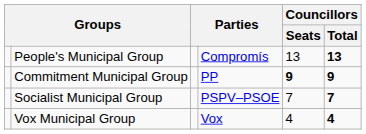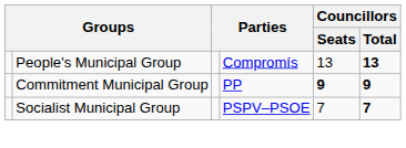 <table class="wikitable" style="text-align:left;">
 <tr>
 <th rowspan="2" colspan="2">Groups</th>
 <th rowspan="2" colspan="2">Parties</th>
 <th colspan="2">Councillors</th>
 </tr>
 <tr>
 <th>Seats</th>
 <th>Total</th>
 </tr>
 <tr>
 <td width="1" style="color:inherit;background:"></td>
 <td>People's Municipal Group</td>
 <td width="1" style="color:inherit;background:"></td>
 <td><a href='#'>Compromís</a></td>
 <td>13</td>
 <td><strong>13</strong></td>
 </tr>
 <tr>
 <td style="color:inherit;background:"></td>
 <td>Commitment Municipal Group</td>
 <td style="color:inherit;background:"></td>
 <td><a href='#'>PP</a></td>
 <td><strong>9</strong></td>
 <td><strong>9</strong></td>
 </tr>
 <tr>
 <td style="color:inherit;background:"></td>
 <td>Socialist Municipal Group</td>
 <td style="color:inherit;background:"></td>
 <td><a href='#'>PSPV–PSOE</a></td>
 <td>7</td>
 <td><strong>7</strong></td>
 </tr>
-<tr>
-<td style="color:inherit;background:"></td>
-<td>Vox Municipal Group</td>
-<td style="color:inherit;background:"></td>
-<td><a href='#'>Vox</a></td>
-<td>4</td>
-<td><strong>4</strong></td>
-</tr>
 </table>
